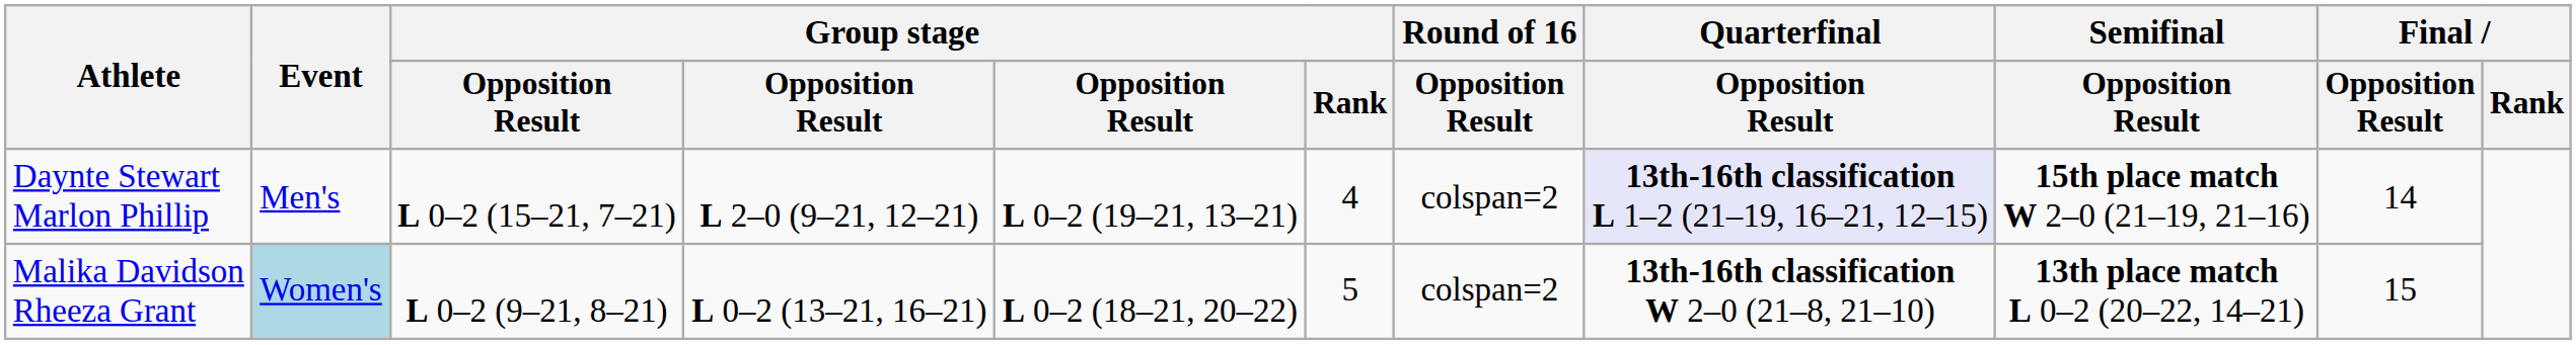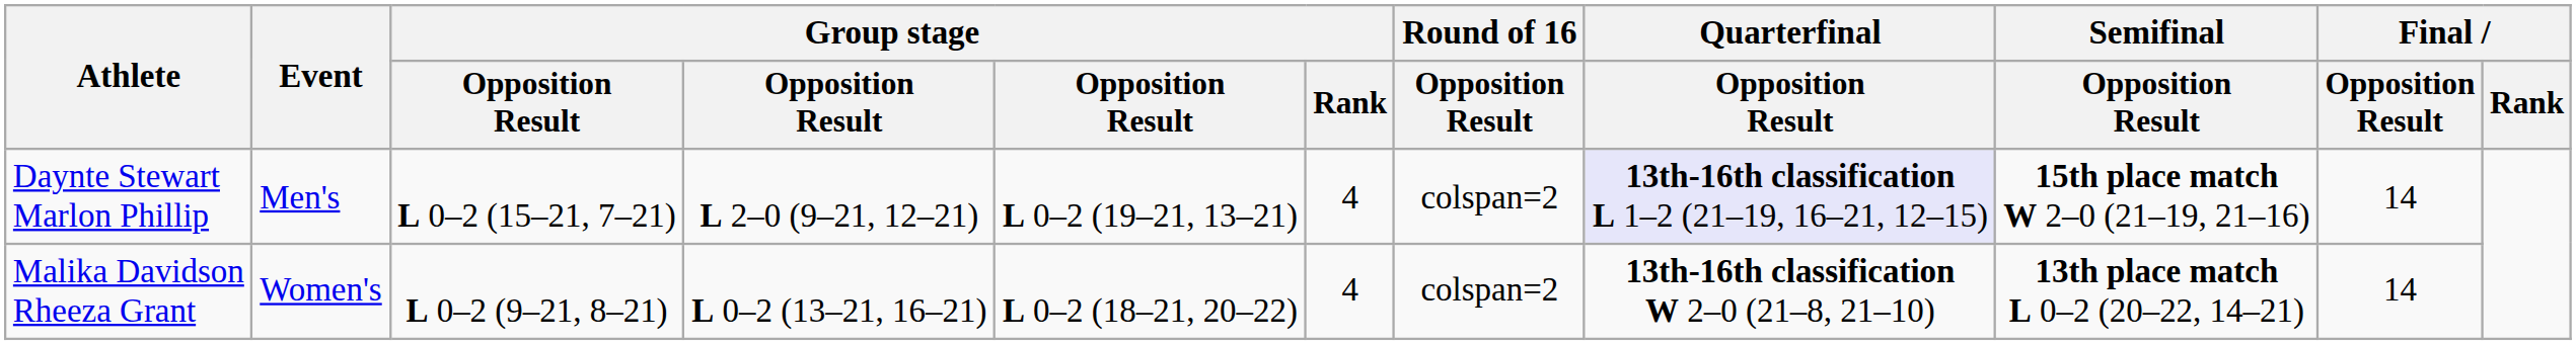 <table class="wikitable" style="font-size:90%;text-align:center">
 <tr>
 <th rowspan=2>Athlete</th>
 <th rowspan=2>Event</th>
 <th colspan=4>Group stage</th>
 <th>Round of 16</th>
 <th>Quarterfinal</th>
 <th>Semifinal</th>
 <th colspan=2>Final / </th>
 </tr>
 <tr style=font-size:95%>
 <th>Opposition<br>Result</th>
 <th>Opposition<br>Result</th>
 <th>Opposition<br>Result</th>
 <th>Rank</th>
 <th>Opposition<br>Result</th>
 <th>Opposition<br>Result</th>
 <th>Opposition<br>Result</th>
 <th>Opposition<br>Result</th>
 <th>Rank</th>
 </tr>
 <tr>
 <td style="text-align:left"><a href='#'>Daynte Stewart</a><br><a href='#'>Marlon Phillip</a></td>
 <td style="text-align:left"><a href='#'>Men's</a></td>
 <td><br><strong>L</strong> 0–2 (15–21, 7–21)</td>
 <td><br><strong>L</strong> 2–0 (9–21, 12–21)</td>
 <td><br><strong>L</strong> 0–2 (19–21, 13–21)</td>
 <td>4</td>
 <td>colspan=2 </td>
 <td style="background: lavender;"><strong>13th-16th classification</strong><br><strong>L</strong> 1–2 (21–19, 16–21, 12–15)</td>
 <td><strong>15th place match</strong><br><strong>W</strong> 2–0 (21–19, 21–16)</td>
 <td>14</td>
 </tr>
 <tr>
 <td style="text-align:left"><a href='#'>Malika Davidson</a><br><a href='#'>Rheeza Grant</a></td>
-<td style="background: lightblue; text-align:left"><a href='#'>Women's</a></td>
+<td style="text-align:left"><a href='#'>Women's</a></td>
 <td><br><strong>L</strong> 0–2 (9–21, 8–21)</td>
 <td><br><strong>L</strong> 0–2 (13–21, 16–21)</td>
 <td><br><strong>L</strong> 0–2 (18–21, 20–22)</td>
-<td>5</td>
+<td>4</td>
 <td>colspan=2 </td>
 <td><strong>13th-16th classification</strong><br><strong>W</strong> 2–0 (21–8, 21–10)</td>
 <td><strong>13th place match</strong><br><strong>L</strong> 0–2 (20–22, 14–21)</td>
-<td>15</td>
+<td>14</td>
 </tr>
 </table>
